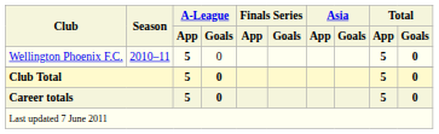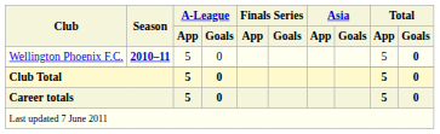 <table border=1 align=center cellpadding=4 cellspacing=2 style="background: ivory; font-size: 95%; border: 1px #aaaaaa solid; border-collapse: collapse; clear:center">
 <tr style="background:beige">
 <th rowspan="2">Club</th>
 <th rowspan="2">Season</th>
 <th colspan="2"><a href='#'>A-League</a></th>
 <th colspan="2">Finals Series</th>
 <th colspan="2"><a href='#'>Asia</a></th>
 <th colspan="2">Total</th>
 </tr>
 <tr style="background:beige">
 <th>App</th>
 <th>Goals</th>
 <th>App</th>
 <th>Goals</th>
 <th>App</th>
 <th>Goals</th>
 <th>App</th>
 <th>Goals</th>
 </tr>
 <tr>
 <td align="center"><a href='#'>Wellington Phoenix F.C.</a></td>
-<td align="center"><a href='#'>2010–11</a></td>
-<td align="center"><strong>5</strong></td>
+<td align="center"><strong><a href='#'>2010–11</a></strong></td>
+<td align="center">5</td>
 <td align="center">0</td>
 <td align="center"></td>
 <td align="center"></td>
 <td align="center"></td>
 <td align="center"></td>
-<td align="center"><strong>5</strong></td>
+<td align="center">5</td>
 <td align="center"><strong>0</strong></td>
 </tr>
 <tr>
 </tr>
 <tr style="background:lemonchiffon">
 <th colspan="2" align="left">Club Total</th>
 <th>5</th>
 <th>0</th>
 <th></th>
 <th></th>
 <th></th>
 <th></th>
 <th>5</th>
 <th>0</th>
 </tr>
 <tr>
 <th style="background:beige" colspan="2" align="left">Career totals</th>
 <th align=center style="background:beige">5</th>
 <th align=center style="background:beige">0</th>
 <th align=center style="background:beige"></th>
 <th align=center style="background:beige"></th>
 <th align=center style="background:beige"></th>
 <th align=center style="background:beige"></th>
 <th align=center style="background:beige">5</th>
 <th align=center style="background:beige">0</th>
 </tr>
 <tr>
 <td colspan="12"><small>Last updated 7 June 2011</small></td>
 </tr>
 </table>
